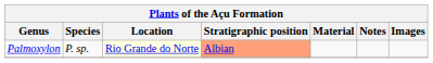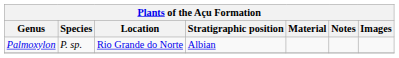 <table class="wikitable" align="center">
 <tr>
 <th colspan="7" align="center"><a href='#'>Plants</a> of the Açu Formation</th>
 </tr>
 <tr>
 <th>Genus</th>
 <th>Species</th>
 <th>Location</th>
 <th>Stratigraphic position</th>
 <th>Material</th>
 <th>Notes</th>
 <th>Images</th>
 </tr>
 <tr>
 <td><em><a href='#'>Palmoxylon</a></em></td>
 <td><em>P. sp.</em></td>
-<td style="background: lightyellow;"><a href='#'>Rio Grande do Norte</a></td>
-<td style="background: lightsalmon;"><a href='#'>Albian</a></td>
+<td><a href='#'>Rio Grande do Norte</a></td>
+<td><a href='#'>Albian</a></td>
 <td></td>
 <td></td>
 <td></td>
 </tr>
 <tr>
 </tr>
 </table>
